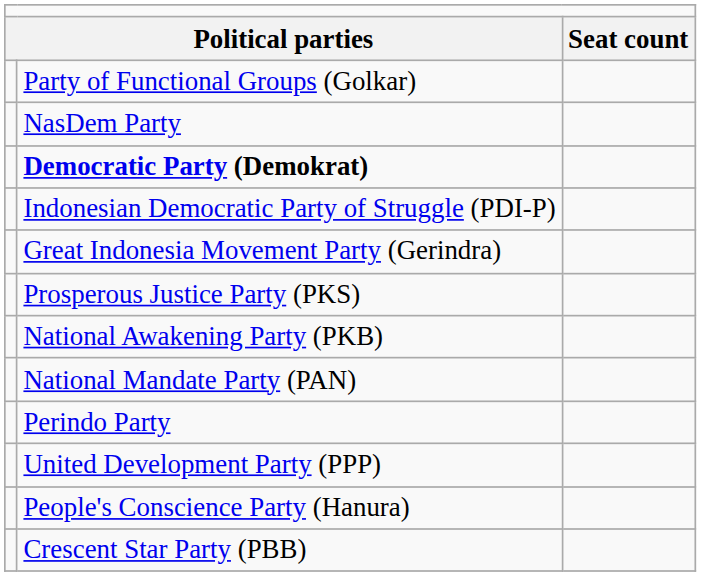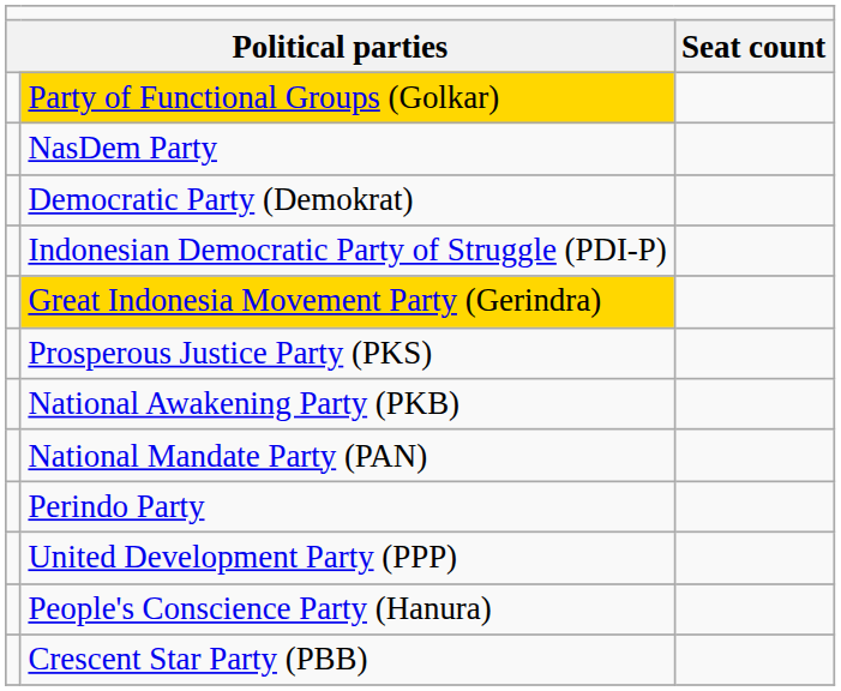 <table class="wikitable">
 <tr>
 <td colspan="4"></td>
 </tr>
 <tr>
 <th colspan="2">Political parties</th>
 <th>Seat count</th>
 </tr>
 <tr>
 <td bgcolor=></td>
-<td><a href='#'>Party of Functional Groups</a> (Golkar)</td>
+<td style="background: gold;"><a href='#'>Party of Functional Groups</a> (Golkar)</td>
 <td></td>
 </tr>
 <tr>
 <td bgcolor=></td>
 <td><a href='#'>NasDem Party</a></td>
 <td></td>
 </tr>
 <tr>
 <td bgcolor=></td>
-<td><strong><a href='#'>Democratic Party</a> (Demokrat)</strong></td>
+<td><a href='#'>Democratic Party</a> (Demokrat)</td>
 <td></td>
 </tr>
 <tr>
 <td bgcolor=></td>
 <td><a href='#'>Indonesian Democratic Party of Struggle</a> (PDI-P)</td>
 <td></td>
 </tr>
 <tr>
 <td bgcolor=></td>
-<td><a href='#'>Great Indonesia Movement Party</a> (Gerindra)</td>
+<td style="background: gold;"><a href='#'>Great Indonesia Movement Party</a> (Gerindra)</td>
 <td></td>
 </tr>
 <tr>
 <td bgcolor=></td>
 <td><a href='#'>Prosperous Justice Party</a> (PKS)</td>
 <td></td>
 </tr>
 <tr>
 <td bgcolor=></td>
 <td><a href='#'>National Awakening Party</a> (PKB)</td>
 <td></td>
 </tr>
 <tr>
 <td bgcolor=></td>
 <td><a href='#'>National Mandate Party</a> (PAN)</td>
 <td></td>
 </tr>
 <tr>
 <td bgcolor=></td>
 <td><a href='#'>Perindo Party</a></td>
 <td></td>
 </tr>
 <tr>
 <td bgcolor=></td>
 <td><a href='#'>United Development Party</a> (PPP)</td>
 <td></td>
 </tr>
 <tr>
 <td bgcolor=></td>
 <td><a href='#'>People's Conscience Party</a> (Hanura)</td>
 <td></td>
 </tr>
 <tr>
 <td bgcolor=></td>
 <td><a href='#'>Crescent Star Party</a> (PBB)</td>
 <td></td>
 </tr>
 </table>
